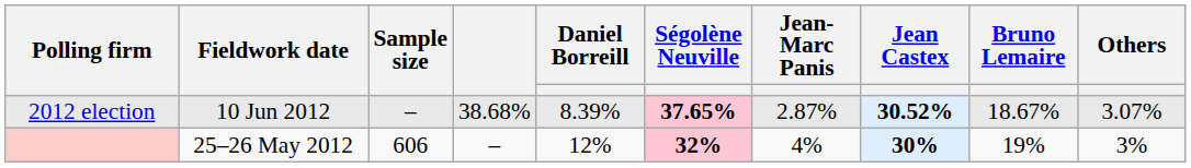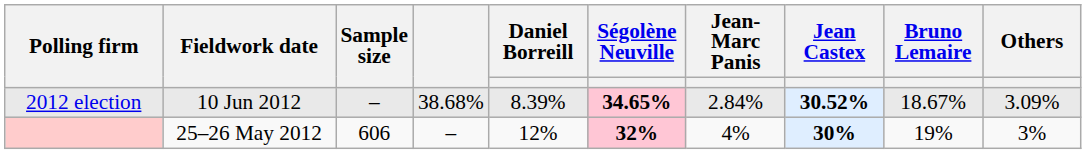 <table class="wikitable sortable" style="text-align:center;font-size:90%;line-height:14px;">
 <tr style="height:40px;">
 <th style="width:100px;" rowspan="2">Polling firm</th>
 <th style="width:110px;" rowspan="2">Fieldwork date</th>
 <th style="width:35px;" rowspan="2">Sample<br>size</th>
 <th style="width:30px;" rowspan="2"></th>
 <th class="unsortable" style="width:60px;">Daniel Borreill<br></th>
 <th class="unsortable" style="width:60px;"><a href='#'>Ségolène Neuville</a><br></th>
 <th class="unsortable" style="width:60px;">Jean-Marc Panis<br></th>
 <th class="unsortable" style="width:60px;"><a href='#'>Jean Castex</a><br></th>
 <th class="unsortable" style="width:60px;"><a href='#'>Bruno Lemaire</a><br></th>
 <th class="unsortable" style="width:60px;">Others</th>
 </tr>
 <tr>
 <th style="background:"></th>
 <th style="background:"></th>
 <th style="background:"></th>
 <th style="background:"></th>
 <th style="background:"></th>
 <th style="background:"></th>
 </tr>
 <tr style="background:#E9E9E9;">
 <td><a href='#'>2012 election</a></td>
 <td data-sort-value="2012-06-10">10 Jun 2012</td>
 <td>–</td>
 <td>38.68%</td>
 <td>8.39%</td>
-<td style="background:#FFC6D5;"><strong>37.65%</strong></td>
-<td>2.87%</td>
+<td style="background:#FFC6D5;"><strong>34.65%</strong></td>
+<td>2.84%</td>
 <td style="background:#DFEEFF;"><strong>30.52%</strong></td>
 <td>18.67%</td>
-<td>3.07%</td>
+<td>3.09%</td>
 </tr>
 <tr>
 <td style="background:#FFCCCC;"></td>
 <td data-sort-value="2012-05-26">25–26 May 2012</td>
 <td>606</td>
 <td>–</td>
 <td>12%</td>
 <td style="background:#FFC6D5;"><strong>32%</strong></td>
 <td>4%</td>
 <td style="background:#DFEEFF;"><strong>30%</strong></td>
 <td>19%</td>
 <td>3%</td>
 </tr>
 </table>
